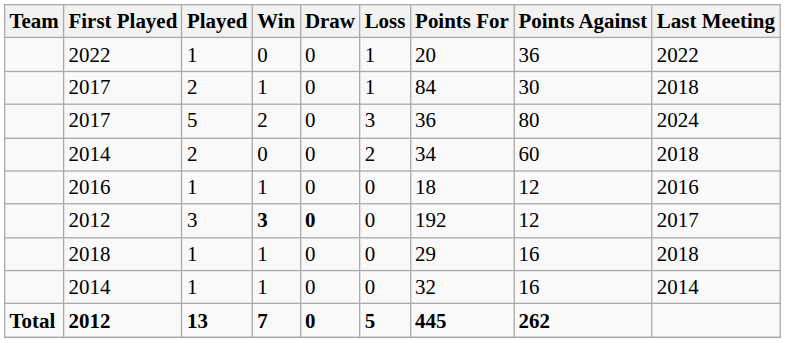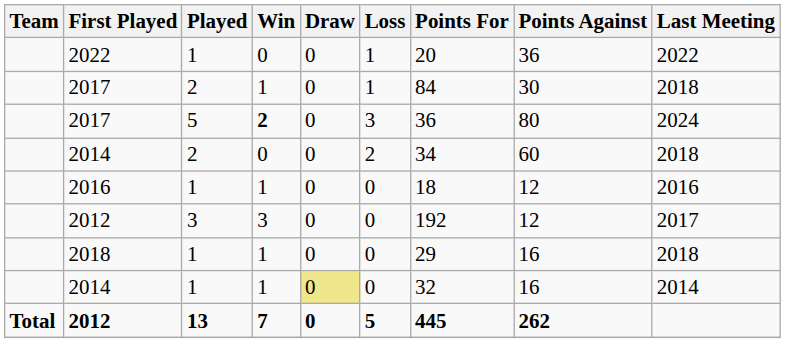 <table class="sortable wikitable">
 <tr>
 <th>Team</th>
 <th>First Played</th>
 <th>Played</th>
 <th>Win</th>
 <th>Draw</th>
 <th>Loss</th>
 <th>Points For</th>
 <th>Points Against</th>
 <th>Last Meeting</th>
 </tr>
 <tr>
 <td></td>
 <td>2022</td>
 <td>1</td>
 <td>0</td>
 <td>0</td>
 <td>1</td>
 <td>20</td>
 <td>36</td>
 <td>2022</td>
 </tr>
 <tr>
 <td></td>
 <td>2017</td>
 <td>2</td>
 <td>1</td>
 <td>0</td>
 <td>1</td>
 <td>84</td>
 <td>30</td>
 <td>2018</td>
 </tr>
 <tr>
 <td></td>
 <td>2017</td>
 <td>5</td>
-<td>2</td>
+<td><strong>2</strong></td>
 <td>0</td>
 <td>3</td>
 <td>36</td>
 <td>80</td>
 <td>2024</td>
 </tr>
 <tr>
 <td></td>
 <td>2014</td>
 <td>2</td>
 <td>0</td>
 <td>0</td>
 <td>2</td>
 <td>34</td>
 <td>60</td>
 <td>2018</td>
 </tr>
 <tr>
 <td></td>
 <td>2016</td>
 <td>1</td>
 <td>1</td>
 <td>0</td>
 <td>0</td>
 <td>18</td>
 <td>12</td>
 <td>2016</td>
 </tr>
 <tr>
 <td></td>
 <td>2012</td>
 <td>3</td>
-<td><strong>3</strong></td>
-<td><strong>0</strong></td>
+<td>3</td>
+<td>0</td>
 <td>0</td>
 <td>192</td>
 <td>12</td>
 <td>2017</td>
 </tr>
 <tr>
 <td></td>
 <td>2018</td>
 <td>1</td>
 <td>1</td>
 <td>0</td>
 <td>0</td>
 <td>29</td>
 <td>16</td>
 <td>2018</td>
 </tr>
 <tr>
 <td></td>
 <td>2014</td>
 <td>1</td>
 <td>1</td>
-<td>0</td>
+<td style="background: khaki;">0</td>
 <td>0</td>
 <td>32</td>
 <td>16</td>
 <td>2014</td>
 </tr>
 <tr>
 <td><strong>Total</strong></td>
 <td><strong>2012</strong></td>
 <td><strong>13</strong></td>
 <td><strong>7</strong></td>
 <td><strong>0</strong></td>
 <td><strong>5</strong></td>
 <td><strong>445</strong></td>
 <td><strong>262</strong></td>
 <td></td>
 </tr>
 <tr>
 </tr>
 </table>
